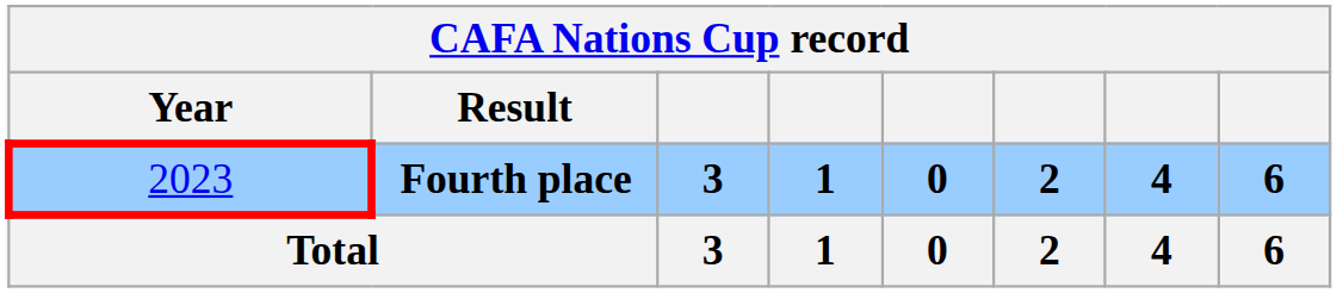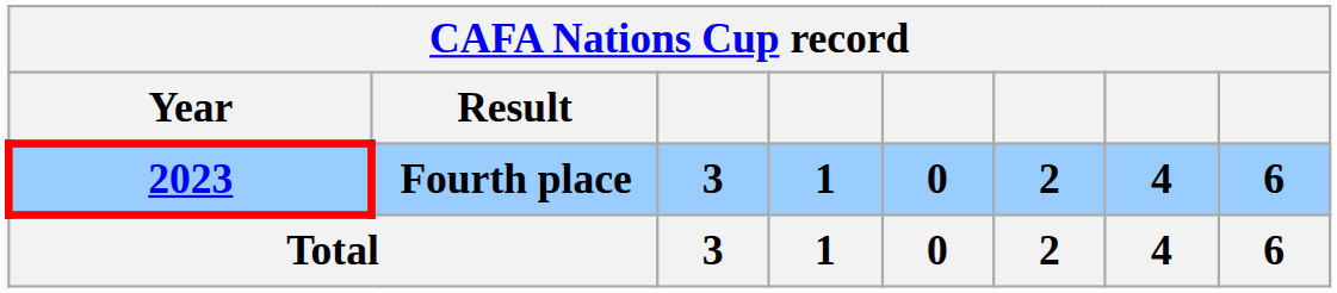 <table class="wikitable" style="text-align: center;font-size:100%;">
 <tr>
 <th colspan=8><a href='#'>CAFA Nations Cup</a> record</th>
 </tr>
 <tr>
 <th width=130>Year</th>
 <th width=100>Result</th>
 <th width=35></th>
 <th width=35></th>
 <th width=35></th>
 <th width=35></th>
 <th width=35></th>
 <th width=35></th>
 </tr>
 <tr bgcolor=#9acdff>
-<td style="border:3px solid red;"> <a href='#'>2023</a></td>
+<td style="border:3px solid red;"><strong> <a href='#'>2023</a></strong></td>
 <td><strong>Fourth place</strong></td>
 <td><strong>3</strong></td>
 <td><strong>1</strong></td>
 <td><strong>0</strong></td>
 <td><strong>2</strong></td>
 <td><strong>4</strong></td>
 <td><strong>6</strong></td>
 </tr>
 <tr>
 <th colspan=2>Total</th>
 <th>3</th>
 <th>1</th>
 <th>0</th>
 <th>2</th>
 <th>4</th>
 <th>6</th>
 </tr>
 </table>
